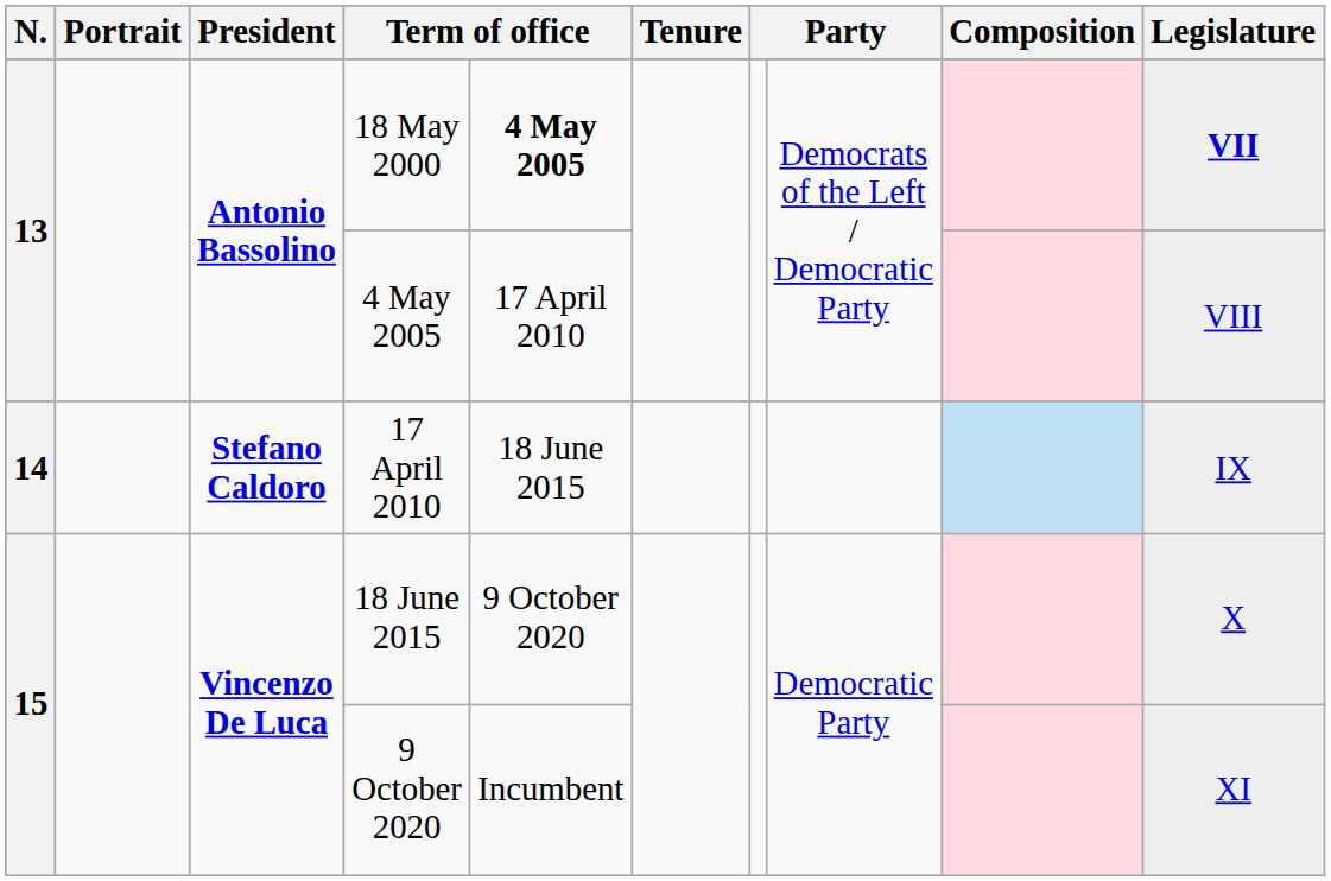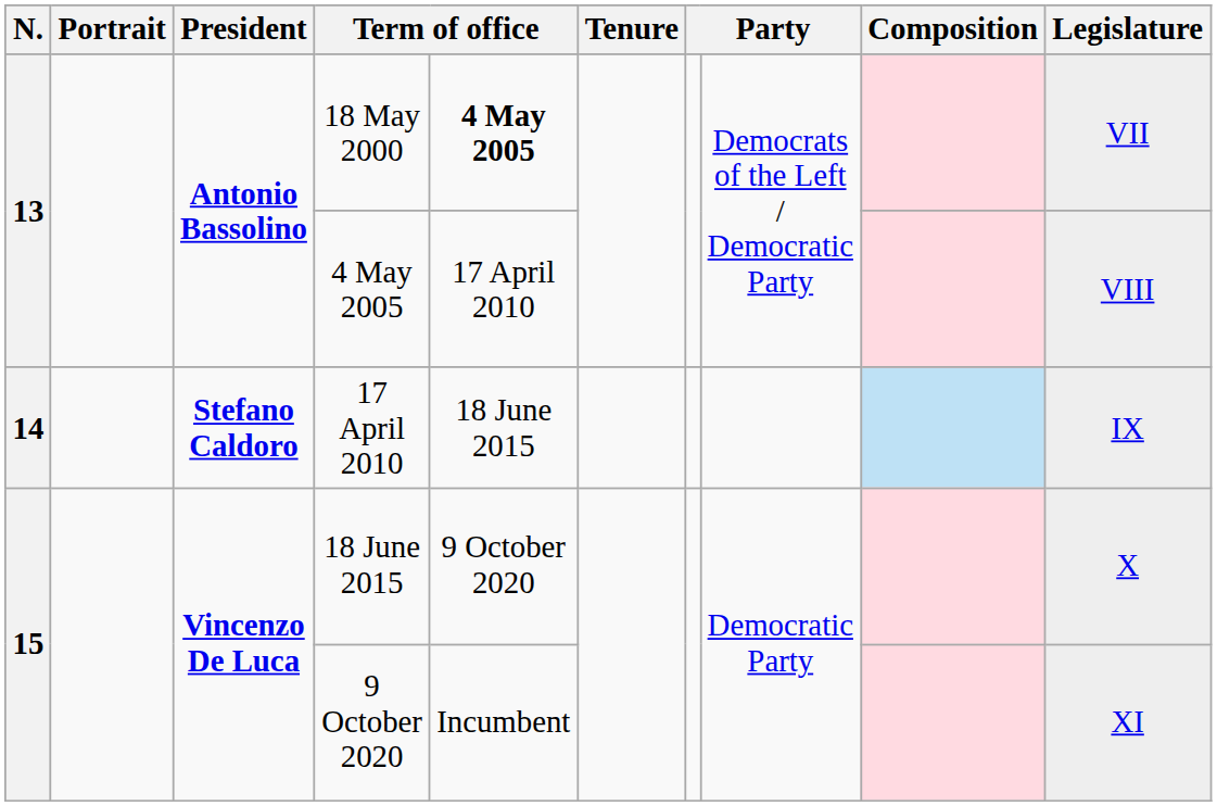 <table class=wikitable style=text-align:center width=85%>
 <tr>
 <th>N.</th>
 <th>Portrait</th>
 <th>President</th>
 <th colspan=2>Term of office</th>
 <th>Tenure<br></th>
 <th colspan=2>Party</th>
 <th>Composition</th>
 <th>Legislature</th>
 </tr>
 <tr style="height:5em;">
 <th rowspan=2>13</th>
 <td rowspan=2></td>
 <td rowspan=2><strong><a href='#'>Antonio Bassolino</a></strong><br></td>
 <td>18 May<br>2000</td>
 <td><strong>4 May<br>2005</strong></td>
 <td rowspan=2></td>
 <td rowspan=2></td>
 <td rowspan=2><a href='#'>Democrats of the Left</a> /<br><a href='#'>Democratic Party</a></td>
 <td bgcolor=#FFDAE1></td>
-<td bgcolor=#EEEEEE><strong><a href='#'>VII<br></a></strong></td>
+<td bgcolor=#EEEEEE><a href='#'>VII<br></a></td>
 </tr>
 <tr style="height:5em;">
 <td>4 May<br>2005</td>
 <td>17 April<br>2010</td>
 <td bgcolor=#FFDAE1></td>
 <td bgcolor=#EEEEEE><a href='#'>VIII<br></a></td>
 </tr>
 <tr>
 <th>14</th>
 <td></td>
 <td><strong><a href='#'>Stefano Caldoro</a></strong><br></td>
 <td>17 April<br>2010</td>
 <td>18 June<br>2015</td>
 <td></td>
 <td></td>
 <td></td>
 <td bgcolor=#BEE1F5></td>
 <td bgcolor=#EEEEEE><a href='#'>IX<br></a></td>
 </tr>
 <tr style="height:5em;">
 <th rowspan=2>15</th>
 <td rowspan=2></td>
 <td rowspan=2><strong><a href='#'>Vincenzo De Luca</a></strong><br></td>
 <td>18 June<br>2015</td>
 <td>9 October<br>2020</td>
 <td rowspan=2></td>
 <td rowspan=2></td>
 <td rowspan=2><a href='#'>Democratic Party</a></td>
 <td bgcolor=#FFDAE1></td>
 <td bgcolor=#EEEEEE><a href='#'>X<br></a></td>
 </tr>
 <tr style="height:5em;">
 <td>9 October<br>2020</td>
 <td>Incumbent</td>
 <td bgcolor=#FFDAE1></td>
 <td bgcolor=#EEEEEE><a href='#'>XI<br></a></td>
 </tr>
 <tr>
 </tr>
 </table>
